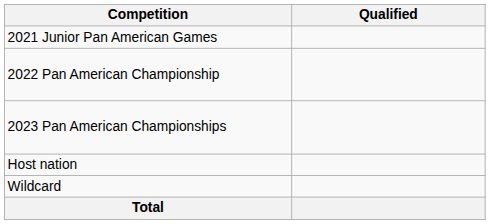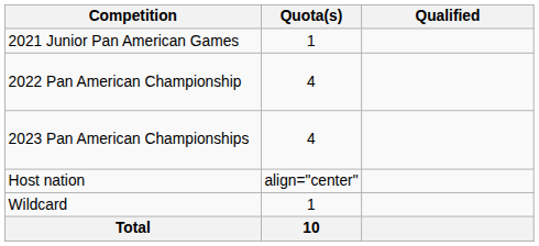 <table class = "wikitable" width=560>
 <tr>
 <th width=300>Competition</th>
+<th width=80>Quota(s)</th>
 <th width=200>Qualified</th>
 </tr>
 <tr>
 <td>2021 Junior Pan American Games</td>
+<td align="center">1</td>
 <td></td>
 </tr>
 <tr>
 <td>2022 Pan American Championship</td>
+<td align="center">4</td>
 <td><br><br><br></td>
 </tr>
 <tr>
 <td>2023 Pan American Championships</td>
+<td align="center">4</td>
 <td><br><br><br></td>
 </tr>
 <tr>
 <td>Host nation</td>
+<td>align="center" </td>
 <td></td>
 </tr>
 <tr>
 <td>Wildcard</td>
+<td align="center">1</td>
 <td></td>
 </tr>
 <tr>
 <th>Total</th>
+<th>10</th>
 <th></th>
 </tr>
 </table>
